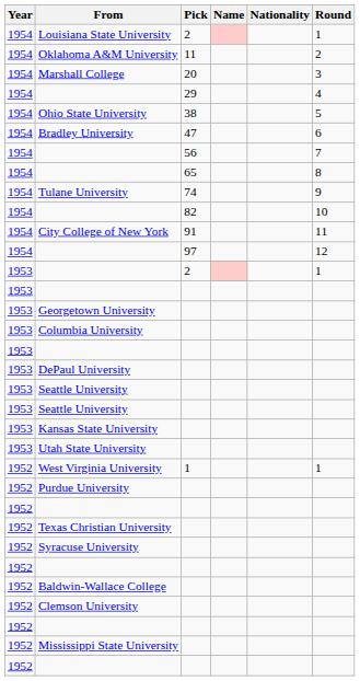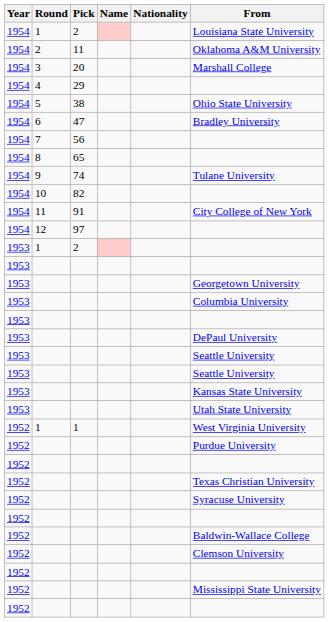 <table class="wikitable sortable">
 <tr>
 <th>Year</th>
-<th>From</th>
+<th>Round</th>
 <th>Pick</th>
 <th>Name</th>
 <th>Nationality</th>
-<th>Round</th>
+<th>From</th>
 </tr>
 <tr>
 <td><a href='#'>1954</a></td>
-<td><a href='#'>Louisiana State University</a></td>
+<td>1</td>
 <td>2</td>
 <td bgcolor="#FFCCCC"></td>
 <td></td>
-<td>1</td>
+<td><a href='#'>Louisiana State University</a></td>
 </tr>
 <tr>
 <td><a href='#'>1954</a></td>
-<td><a href='#'>Oklahoma A&M University</a></td>
+<td>2</td>
 <td>11</td>
 <td></td>
 <td></td>
-<td>2</td>
+<td><a href='#'>Oklahoma A&M University</a></td>
 </tr>
 <tr>
 <td><a href='#'>1954</a></td>
-<td><a href='#'>Marshall College</a></td>
+<td>3</td>
 <td>20</td>
 <td></td>
 <td></td>
-<td>3</td>
+<td><a href='#'>Marshall College</a></td>
 </tr>
 <tr>
 <td><a href='#'>1954</a></td>
-<td></td>
+<td>4</td>
 <td>29</td>
 <td></td>
 <td></td>
-<td>4</td>
+<td></td>
 </tr>
 <tr>
 <td><a href='#'>1954</a></td>
-<td><a href='#'>Ohio State University</a></td>
+<td>5</td>
 <td>38</td>
 <td></td>
 <td></td>
-<td>5</td>
+<td><a href='#'>Ohio State University</a></td>
 </tr>
 <tr>
 <td><a href='#'>1954</a></td>
-<td><a href='#'>Bradley University</a></td>
+<td>6</td>
 <td>47</td>
 <td></td>
 <td></td>
-<td>6</td>
+<td><a href='#'>Bradley University</a></td>
 </tr>
 <tr>
 <td><a href='#'>1954</a></td>
-<td></td>
+<td>7</td>
 <td>56</td>
 <td></td>
 <td></td>
-<td>7</td>
+<td></td>
 </tr>
 <tr>
 <td><a href='#'>1954</a></td>
-<td></td>
+<td>8</td>
 <td>65</td>
 <td></td>
 <td></td>
-<td>8</td>
+<td></td>
 </tr>
 <tr>
 <td><a href='#'>1954</a></td>
-<td><a href='#'>Tulane University</a></td>
+<td>9</td>
 <td>74</td>
 <td></td>
 <td></td>
-<td>9</td>
+<td><a href='#'>Tulane University</a></td>
 </tr>
 <tr>
 <td><a href='#'>1954</a></td>
-<td></td>
+<td>10</td>
 <td>82</td>
 <td></td>
 <td></td>
-<td>10</td>
+<td></td>
 </tr>
 <tr>
 <td><a href='#'>1954</a></td>
-<td><a href='#'>City College of New York</a></td>
+<td>11</td>
 <td>91</td>
 <td></td>
 <td></td>
-<td>11</td>
+<td><a href='#'>City College of New York</a></td>
 </tr>
 <tr>
 <td><a href='#'>1954</a></td>
-<td></td>
+<td>12</td>
 <td>97</td>
-<td></td>
-<td></td>
-<td>12</td>
-</tr>
-<tr>
-<td><a href='#'>1953</a></td>
-<td></td>
-<td>2</td>
-<td bgcolor="#FFCCCC"></td>
-<td></td>
-<td>1</td>
-</tr>
-<tr>
-<td><a href='#'>1953</a></td>
-<td></td>
-<td></td>
 <td></td>
 <td></td>
 <td></td>
 </tr>
 <tr>
 <td><a href='#'>1953</a></td>
-<td><a href='#'>Georgetown University</a></td>
-<td></td>
-<td></td>
-<td></td>
-<td></td>
-</tr>
-<tr>
-<td><a href='#'>1953</a></td>
-<td><a href='#'>Columbia University</a></td>
-<td></td>
-<td></td>
+<td>1</td>
+<td>2</td>
+<td bgcolor="#FFCCCC"></td>
 <td></td>
 <td></td>
 </tr>
 <tr>
 <td><a href='#'>1953</a></td>
 <td></td>
 <td></td>
 <td></td>
 <td></td>
 <td></td>
 </tr>
 <tr>
 <td><a href='#'>1953</a></td>
-<td><a href='#'>DePaul University</a></td>
+<td></td>
+<td></td>
+<td></td>
+<td></td>
+<td><a href='#'>Georgetown University</a></td>
+</tr>
+<tr>
+<td><a href='#'>1953</a></td>
+<td></td>
+<td></td>
+<td></td>
+<td></td>
+<td><a href='#'>Columbia University</a></td>
+</tr>
+<tr>
+<td><a href='#'>1953</a></td>
+<td></td>
 <td></td>
 <td></td>
 <td></td>
 <td></td>
 </tr>
 <tr>
 <td><a href='#'>1953</a></td>
-<td><a href='#'>Seattle University</a></td>
 <td></td>
 <td></td>
 <td></td>
 <td></td>
+<td><a href='#'>DePaul University</a></td>
 </tr>
 <tr>
 <td><a href='#'>1953</a></td>
-<td><a href='#'>Seattle University</a></td>
 <td></td>
 <td></td>
 <td></td>
 <td></td>
+<td><a href='#'>Seattle University</a></td>
 </tr>
 <tr>
 <td><a href='#'>1953</a></td>
-<td><a href='#'>Kansas State University</a></td>
 <td></td>
 <td></td>
 <td></td>
 <td></td>
+<td><a href='#'>Seattle University</a></td>
 </tr>
 <tr>
 <td><a href='#'>1953</a></td>
-<td><a href='#'>Utah State University</a></td>
 <td></td>
 <td></td>
 <td></td>
 <td></td>
+<td><a href='#'>Kansas State University</a></td>
+</tr>
+<tr>
+<td><a href='#'>1953</a></td>
+<td></td>
+<td></td>
+<td></td>
+<td></td>
+<td><a href='#'>Utah State University</a></td>
 </tr>
 <tr>
 <td><a href='#'>1952</a></td>
-<td><a href='#'>West Virginia University</a></td>
+<td>1</td>
 <td>1</td>
 <td></td>
 <td></td>
-<td>1</td>
+<td><a href='#'>West Virginia University</a></td>
 </tr>
 <tr>
 <td><a href='#'>1952</a></td>
+<td></td>
+<td></td>
+<td></td>
+<td></td>
 <td><a href='#'>Purdue University</a></td>
+</tr>
+<tr>
+<td><a href='#'>1952</a></td>
+<td></td>
 <td></td>
 <td></td>
 <td></td>
 <td></td>
 </tr>
 <tr>
 <td><a href='#'>1952</a></td>
 <td></td>
 <td></td>
 <td></td>
 <td></td>
-<td></td>
+<td><a href='#'>Texas Christian University</a></td>
 </tr>
 <tr>
 <td><a href='#'>1952</a></td>
-<td><a href='#'>Texas Christian University</a></td>
 <td></td>
 <td></td>
 <td></td>
 <td></td>
+<td><a href='#'>Syracuse University</a></td>
 </tr>
 <tr>
 <td><a href='#'>1952</a></td>
-<td><a href='#'>Syracuse University</a></td>
+<td></td>
 <td></td>
 <td></td>
 <td></td>
 <td></td>
 </tr>
 <tr>
 <td><a href='#'>1952</a></td>
 <td></td>
 <td></td>
 <td></td>
 <td></td>
-<td></td>
+<td><a href='#'>Baldwin-Wallace College</a></td>
 </tr>
 <tr>
 <td><a href='#'>1952</a></td>
-<td><a href='#'>Baldwin-Wallace College</a></td>
 <td></td>
 <td></td>
 <td></td>
 <td></td>
+<td><a href='#'>Clemson University</a></td>
 </tr>
 <tr>
 <td><a href='#'>1952</a></td>
-<td><a href='#'>Clemson University</a></td>
+<td></td>
 <td></td>
 <td></td>
 <td></td>
 <td></td>
 </tr>
 <tr>
 <td><a href='#'>1952</a></td>
 <td></td>
 <td></td>
 <td></td>
 <td></td>
-<td></td>
-</tr>
-<tr>
-<td><a href='#'>1952</a></td>
 <td><a href='#'>Mississippi State University</a></td>
-<td></td>
-<td></td>
-<td></td>
-<td></td>
 </tr>
 <tr>
 <td><a href='#'>1952</a></td>
 <td></td>
 <td></td>
 <td></td>
 <td></td>
 <td></td>
 </tr>
 </table>
